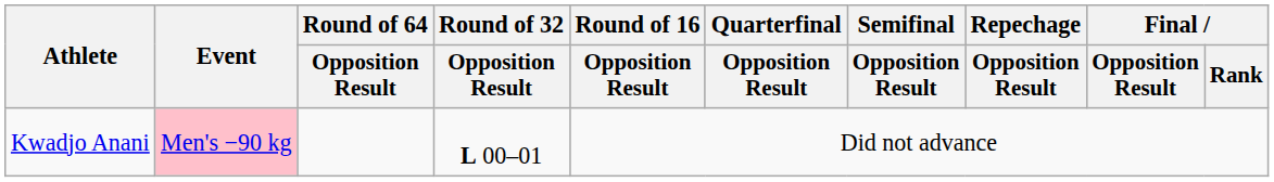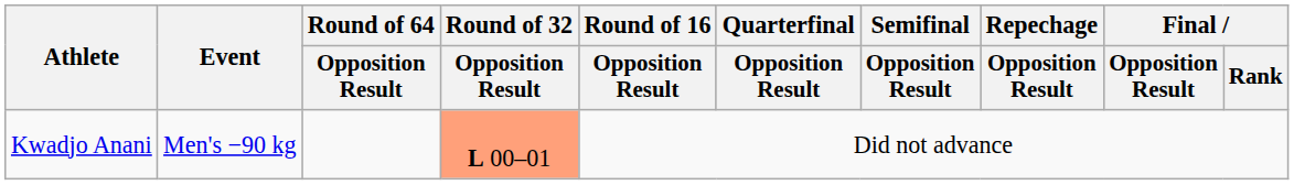 <table class="wikitable" style="font-size:90%">
 <tr>
 <th rowspan="2">Athlete</th>
 <th rowspan="2">Event</th>
 <th>Round of 64</th>
 <th>Round of 32</th>
 <th>Round of 16</th>
 <th>Quarterfinal</th>
 <th>Semifinal</th>
 <th>Repechage</th>
 <th colspan=2>Final / </th>
 </tr>
 <tr style="font-size:95%">
 <th>Opposition<br>Result</th>
 <th>Opposition<br>Result</th>
 <th>Opposition<br>Result</th>
 <th>Opposition<br>Result</th>
 <th>Opposition<br>Result</th>
 <th>Opposition<br>Result</th>
 <th>Opposition<br>Result</th>
 <th>Rank</th>
 </tr>
 <tr align=center>
 <td align=left><a href='#'>Kwadjo Anani</a></td>
-<td align=left style="background: pink;"><a href='#'>Men's −90 kg</a></td>
+<td align=left><a href='#'>Men's −90 kg</a></td>
 <td></td>
-<td><br><strong>L</strong> 00–01</td>
+<td style="background: lightsalmon;"><br><strong>L</strong> 00–01</td>
 <td colspan=6>Did not advance</td>
 </tr>
 </table>
